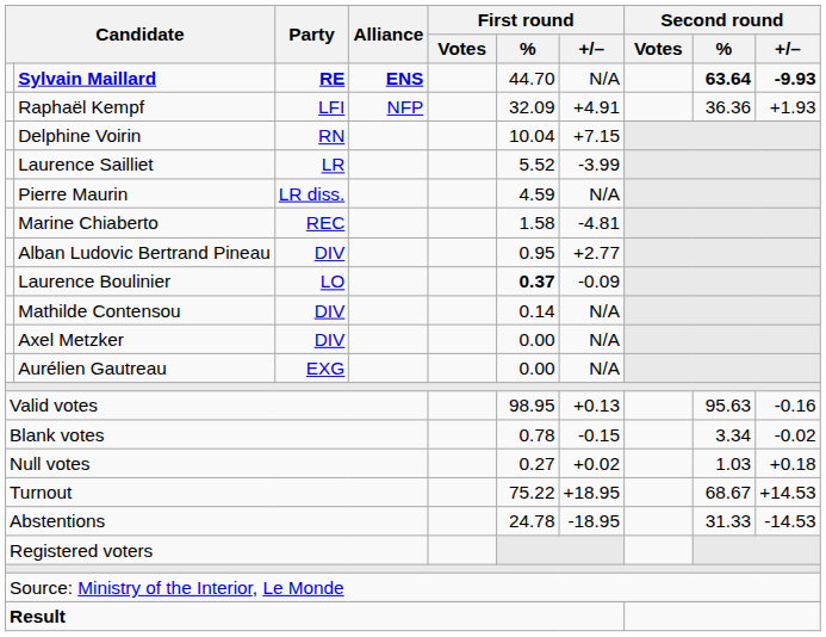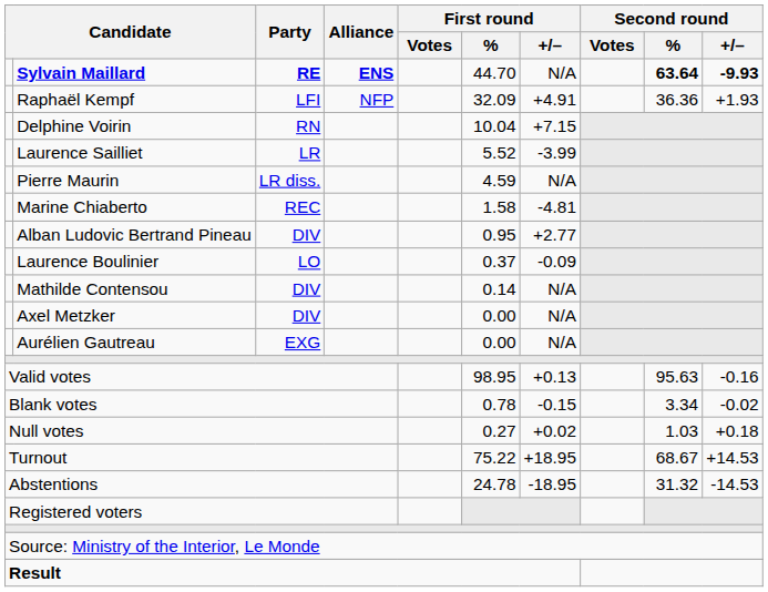 <table class="wikitable" style="text-align:right;font-size:95%;">
 <tr>
 <th rowspan="2" colspan="2">Candidate</th>
 <th rowspan="2">Party</th>
 <th rowspan="2">Alliance</th>
 <th colspan="3">First round</th>
 <th colspan="3">Second round</th>
 </tr>
 <tr>
 <th style="width:50px;">Votes</th>
 <th style="width:45px;">%</th>
 <th style="width:45px;">+/–</th>
 <th style="width:50px;">Votes</th>
 <th style="width:45px;">%</th>
 <th style="width:45px;">+/–</th>
 </tr>
 <tr>
 <td style="color:inherit;background:"></td>
 <td style="text-align:left;"><strong><a href='#'>Sylvain Maillard</a></strong></td>
 <td><a href='#'><strong>RE</strong></a></td>
 <td><a href='#'><strong>ENS</strong></a></td>
 <td></td>
 <td>44.70</td>
 <td>N/A</td>
 <td><strong></strong></td>
 <td><strong>63.64</strong></td>
 <td><strong>-9.93</strong></td>
 </tr>
 <tr>
 <td style="color:inherit;background:"></td>
 <td style="text-align:left;">Raphaël Kempf</td>
 <td><a href='#'>LFI</a></td>
 <td><a href='#'>NFP</a></td>
 <td></td>
 <td>32.09</td>
 <td>+4.91</td>
 <td></td>
 <td>36.36</td>
 <td>+1.93</td>
 </tr>
 <tr>
 <td style="color:inherit;background:"></td>
 <td style="text-align:left;">Delphine Voirin</td>
 <td><a href='#'>RN</a></td>
 <td></td>
 <td></td>
 <td>10.04</td>
 <td>+7.15</td>
 <td colspan="3" style="background:#E9E9E9;"></td>
 </tr>
 <tr>
 <td style="color:inherit;background:"></td>
 <td style="text-align:left;">Laurence Sailliet</td>
 <td><a href='#'>LR</a></td>
 <td></td>
 <td></td>
 <td>5.52</td>
 <td>-3.99</td>
 <td colspan="3" style="background:#E9E9E9;"></td>
 </tr>
 <tr>
 <td style="color:inherit;background:"></td>
 <td style="text-align:left;">Pierre Maurin</td>
 <td><a href='#'>LR diss.</a></td>
 <td></td>
 <td></td>
 <td>4.59</td>
 <td>N/A</td>
 <td colspan="3" style="background:#E9E9E9;"></td>
 </tr>
 <tr>
 <td style="color:inherit;background:"></td>
 <td style="text-align:left;">Marine Chiaberto</td>
 <td><a href='#'>REC</a></td>
 <td></td>
 <td></td>
 <td>1.58</td>
 <td>-4.81</td>
 <td colspan="3" style="background:#E9E9E9;"></td>
 </tr>
 <tr>
 <td style="color:inherit;background:"></td>
 <td style="text-align:left;">Alban Ludovic Bertrand Pineau</td>
 <td><a href='#'>DIV</a></td>
 <td></td>
 <td></td>
 <td>0.95</td>
 <td>+2.77</td>
 <td colspan="3" style="background:#E9E9E9;"></td>
 </tr>
 <tr>
 <td style="color:inherit;background:"></td>
 <td style="text-align:left;">Laurence Boulinier</td>
 <td><a href='#'>LO</a></td>
 <td></td>
 <td></td>
-<td><strong>0.37</strong></td>
+<td>0.37</td>
 <td>-0.09</td>
 <td colspan="3" style="background:#E9E9E9;"></td>
 </tr>
 <tr>
 <td style="color:inherit;background:"></td>
 <td style="text-align:left;">Mathilde Contensou</td>
 <td><a href='#'>DIV</a></td>
 <td></td>
 <td></td>
 <td>0.14</td>
 <td>N/A</td>
 <td colspan="3" style="background:#E9E9E9;"></td>
 </tr>
 <tr>
 <td style="color:inherit;background:"></td>
 <td style="text-align:left;">Axel Metzker</td>
 <td><a href='#'>DIV</a></td>
 <td></td>
 <td></td>
 <td>0.00</td>
 <td>N/A</td>
 <td colspan="3" style="background:#E9E9E9;"></td>
 </tr>
 <tr>
 <td style="color:inherit;background:"></td>
 <td style="text-align:left;">Aurélien Gautreau</td>
 <td><a href='#'>EXG</a></td>
 <td></td>
 <td></td>
 <td>0.00</td>
 <td>N/A</td>
 <td colspan="3" style="background:#E9E9E9;"></td>
 </tr>
 <tr>
 <td colspan="10" style="background:#E9E9E9;"></td>
 </tr>
 <tr>
 <td colspan="4" style="text-align:left;">Valid votes</td>
 <td></td>
 <td>98.95</td>
 <td>+0.13</td>
 <td></td>
 <td>95.63</td>
 <td>-0.16</td>
 </tr>
 <tr>
 <td colspan="4" style="text-align:left;">Blank votes</td>
 <td></td>
 <td>0.78</td>
 <td>-0.15</td>
 <td></td>
 <td>3.34</td>
 <td>-0.02</td>
 </tr>
 <tr>
 <td colspan="4" style="text-align:left;">Null votes</td>
 <td></td>
 <td>0.27</td>
 <td>+0.02</td>
 <td></td>
 <td>1.03</td>
 <td>+0.18</td>
 </tr>
 <tr>
 <td colspan="4" style="text-align:left;">Turnout</td>
 <td></td>
 <td>75.22</td>
 <td>+18.95</td>
 <td></td>
 <td>68.67</td>
 <td>+14.53</td>
 </tr>
 <tr>
 <td colspan="4" style="text-align:left;">Abstentions</td>
 <td></td>
 <td>24.78</td>
 <td>-18.95</td>
 <td></td>
-<td>31.33</td>
+<td>31.32</td>
 <td>-14.53</td>
 </tr>
 <tr>
 <td colspan="4" style="text-align:left;">Registered voters</td>
 <td></td>
 <td colspan="2" style="background:#E9E9E9;"></td>
 <td></td>
 <td colspan="2" style="background:#E9E9E9;"></td>
 </tr>
 <tr>
 <td colspan="10" style="background:#E9E9E9;"></td>
 </tr>
 <tr>
 <td colspan="10" style="text-align:left;">Source: <a href='#'>Ministry of the Interior</a>, <a href='#'>Le Monde</a></td>
 </tr>
 <tr>
 </tr>
 <tr style="font-weight:bold">
 <td colspan="7" style="text-align:left;">Result</td>
 <td colspan="7" style="background-color:"></td>
 </tr>
 </table>
